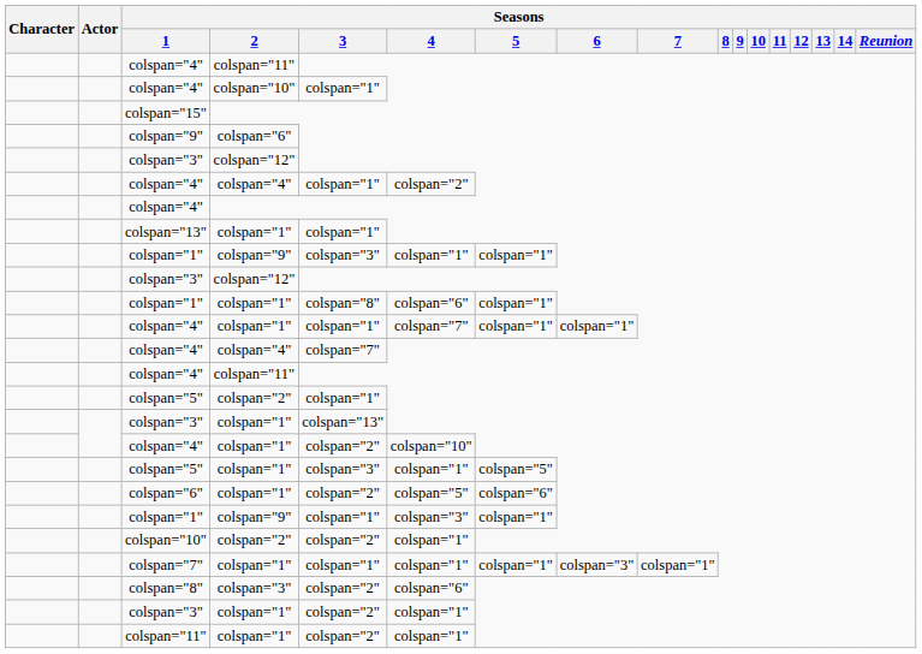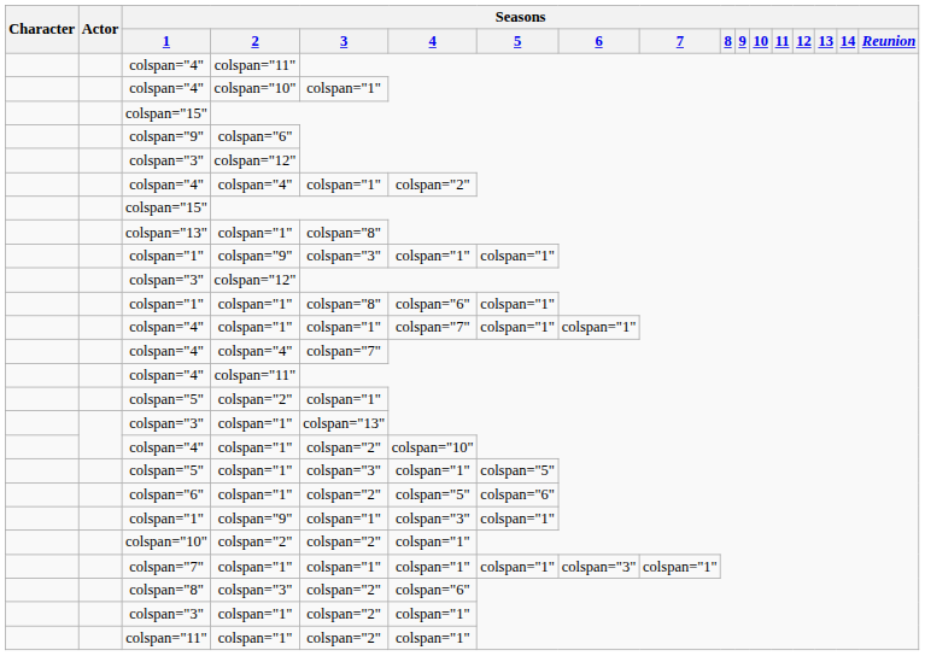 <table class="wikitable sortable" style="text-align:center">
 <tr>
 <th rowspan="2">Character</th>
 <th rowspan="2">Actor</th>
 <th colspan="15">Seasons</th>
 </tr>
 <tr>
 <th><a href='#'>1</a></th>
 <th><a href='#'>2</a></th>
 <th><a href='#'>3</a></th>
 <th><a href='#'>4</a></th>
 <th><a href='#'>5</a></th>
 <th><a href='#'>6</a></th>
 <th><a href='#'>7</a></th>
 <th><a href='#'>8</a></th>
 <th><a href='#'>9</a></th>
 <th><a href='#'>10</a></th>
 <th><a href='#'>11</a></th>
 <th><a href='#'>12</a></th>
 <th><a href='#'>13</a></th>
 <th><a href='#'>14</a></th>
 <th><em><a href='#'>Reunion</a></em></th>
 </tr>
 <tr>
 <td></td>
 <td></td>
 <td>colspan="4" </td>
 <td>colspan="11" </td>
 </tr>
 <tr>
 <td></td>
 <td></td>
 <td>colspan="4" </td>
 <td>colspan="10" </td>
 <td>colspan="1" </td>
 </tr>
 <tr>
 <td></td>
 <td></td>
 <td>colspan="15" </td>
 </tr>
 <tr>
 <td></td>
 <td></td>
 <td>colspan="9" </td>
 <td>colspan="6" </td>
 </tr>
 <tr>
 <td></td>
 <td></td>
 <td>colspan="3" </td>
 <td>colspan="12" </td>
 </tr>
 <tr>
 <td></td>
 <td></td>
 <td>colspan="4" </td>
 <td>colspan="4" </td>
 <td>colspan="1" </td>
 <td>colspan="2" </td>
 </tr>
 <tr>
 <td></td>
 <td></td>
-<td>colspan="4" </td>
+<td>colspan="15" </td>
 </tr>
 <tr>
 <td></td>
 <td></td>
 <td>colspan="13" </td>
 <td>colspan="1" </td>
-<td>colspan="1" </td>
+<td>colspan="8" </td>
 </tr>
 <tr>
 <td></td>
 <td></td>
 <td>colspan="1" </td>
 <td>colspan="9" </td>
 <td>colspan="3" </td>
 <td>colspan="1" </td>
 <td>colspan="1" </td>
 </tr>
 <tr>
 <td></td>
 <td></td>
 <td>colspan="3" </td>
 <td>colspan="12" </td>
 </tr>
 <tr>
 <td></td>
 <td></td>
 <td>colspan="1" </td>
 <td>colspan="1" </td>
 <td>colspan="8" </td>
 <td>colspan="6" </td>
 <td>colspan="1" </td>
 </tr>
 <tr>
 <td></td>
 <td></td>
 <td>colspan="4" </td>
 <td>colspan="1" </td>
 <td>colspan="1" </td>
 <td>colspan="7" </td>
 <td>colspan="1" </td>
 <td>colspan="1" </td>
 </tr>
 <tr>
 <td></td>
 <td></td>
 <td>colspan="4" </td>
 <td>colspan="4" </td>
 <td>colspan="7" </td>
 </tr>
 <tr>
 <td></td>
 <td></td>
 <td>colspan="4" </td>
 <td>colspan="11" </td>
 </tr>
 <tr>
 <td></td>
 <td></td>
 <td>colspan="5" </td>
 <td>colspan="2" </td>
 <td>colspan="1" </td>
 </tr>
 <tr>
 <td></td>
 <td rowspan="2"></td>
 <td>colspan="3" </td>
 <td>colspan="1" </td>
 <td>colspan="13" </td>
 </tr>
 <tr>
 <td></td>
 <td>colspan="4" </td>
 <td>colspan="1" </td>
 <td>colspan="2" </td>
 <td>colspan="10" </td>
 </tr>
 <tr>
 <td></td>
 <td></td>
 <td>colspan="5" </td>
 <td>colspan="1" </td>
 <td>colspan="3" </td>
 <td>colspan="1" </td>
 <td>colspan="5" </td>
 </tr>
 <tr>
 <td></td>
 <td></td>
 <td>colspan="6" </td>
 <td>colspan="1" </td>
 <td>colspan="2" </td>
 <td>colspan="5" </td>
 <td>colspan="6" </td>
 </tr>
 <tr>
 <td></td>
 <td></td>
 <td>colspan="1" </td>
 <td>colspan="9" </td>
 <td>colspan="1" </td>
 <td>colspan="3" </td>
 <td>colspan="1" </td>
 </tr>
 <tr>
 <td></td>
 <td></td>
 <td>colspan="10" </td>
 <td>colspan="2" </td>
 <td>colspan="2" </td>
 <td>colspan="1" </td>
 </tr>
 <tr>
 <td></td>
 <td></td>
 <td>colspan="7" </td>
 <td>colspan="1" </td>
 <td>colspan="1" </td>
 <td>colspan="1" </td>
 <td>colspan="1" </td>
 <td>colspan="3" </td>
 <td>colspan="1" </td>
 </tr>
 <tr>
 <td></td>
 <td></td>
 <td>colspan="8" </td>
 <td>colspan="3" </td>
 <td>colspan="2" </td>
 <td>colspan="6" </td>
 </tr>
 <tr>
 <td></td>
 <td></td>
 <td>colspan="3" </td>
 <td>colspan="1" </td>
 <td>colspan="2" </td>
 <td>colspan="1" </td>
 </tr>
 <tr>
 <td></td>
 <td></td>
 <td>colspan="11" </td>
 <td>colspan="1" </td>
 <td>colspan="2"  </td>
 <td>colspan="1" </td>
 </tr>
 </table>
